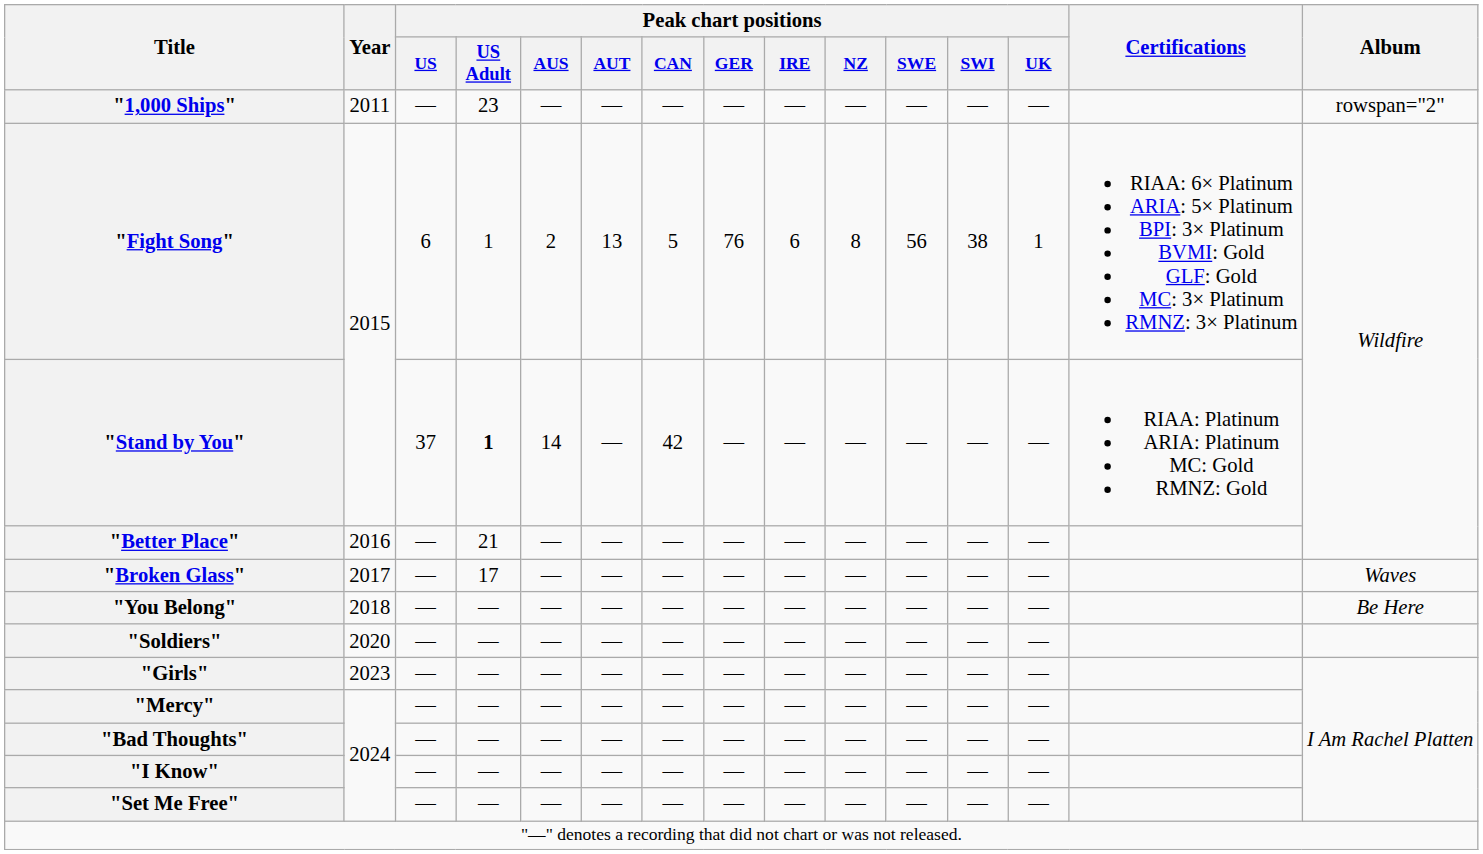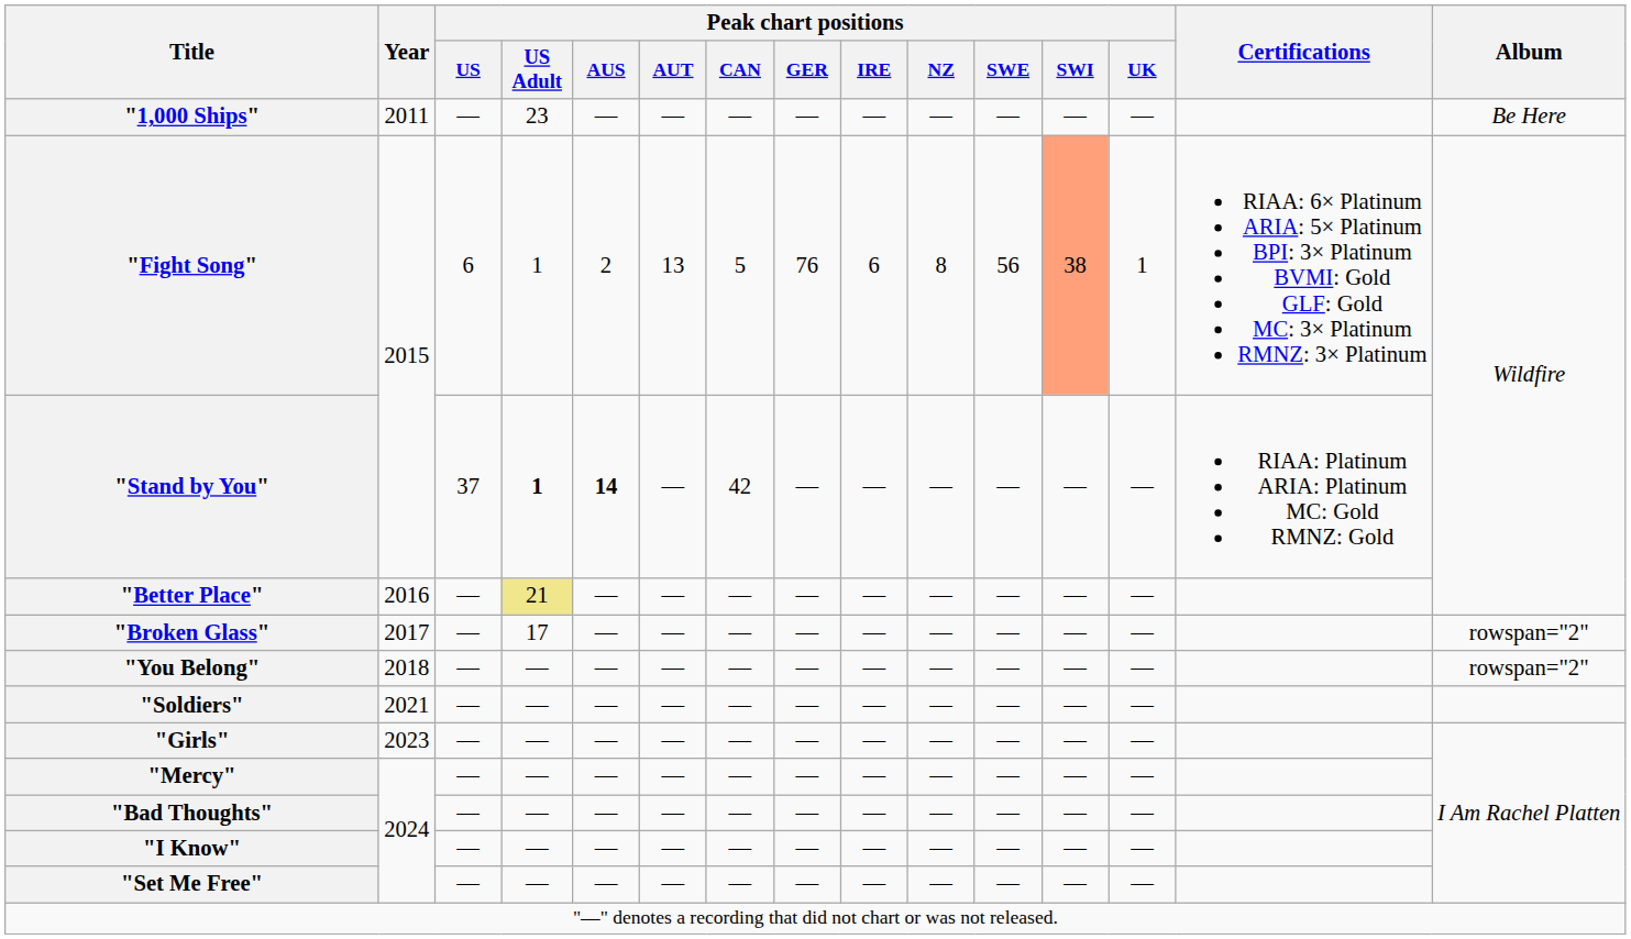 <table class="wikitable plainrowheaders" style="text-align:center;">
 <tr>
 <th scope="col" rowspan="2" style="width:16em;">Title</th>
 <th scope="col" rowspan="2" style="width:1em;">Year</th>
 <th scope="col" colspan="11">Peak chart positions</th>
 <th scope="col" rowspan="2"><a href='#'>Certifications</a></th>
 <th scope="col" rowspan="2">Album</th>
 </tr>
 <tr>
 <th scope="col" style="width:3em;font-size:85%;"><a href='#'>US</a><br></th>
 <th scope="col" style="width:3em;font-size:90%;"><a href='#'>US<br>Adult</a><br></th>
 <th scope="col" style="width:3em;font-size:85%;"><a href='#'>AUS</a><br></th>
 <th scope="col" style="width:3em;font-size:85%;"><a href='#'>AUT</a><br></th>
 <th scope="col" style="width:3em;font-size:85%;"><a href='#'>CAN</a><br></th>
 <th scope="col" style="width:3em;font-size:85%;"><a href='#'>GER</a><br></th>
 <th scope="col" style="width:3em;font-size:85%;"><a href='#'>IRE</a><br></th>
 <th scope="col" style="width:3em;font-size:85%;"><a href='#'>NZ</a><br></th>
 <th scope="col" style="width:3em;font-size:85%;"><a href='#'>SWE</a><br></th>
 <th scope="col" style="width:3em;font-size:85%;"><a href='#'>SWI</a><br></th>
 <th scope="col" style="width:3em;font-size:85%;"><a href='#'>UK</a><br></th>
 </tr>
 <tr>
 <th scope="row">"<a href='#'>1,000 Ships</a>"</th>
 <td>2011</td>
 <td>—</td>
 <td>23</td>
 <td>—</td>
 <td>—</td>
 <td>—</td>
 <td>—</td>
 <td>—</td>
 <td>—</td>
 <td>—</td>
 <td>—</td>
 <td>—</td>
 <td></td>
-<td>rowspan="2" </td>
+<td><em>Be Here</em></td>
 </tr>
 <tr>
 <th scope="row">"<a href='#'>Fight Song</a>"</th>
 <td rowspan="2">2015</td>
 <td>6</td>
 <td>1</td>
 <td>2</td>
 <td>13</td>
 <td>5</td>
 <td>76</td>
 <td>6</td>
 <td>8</td>
 <td>56</td>
-<td>38</td>
+<td style="background: lightsalmon;">38</td>
 <td>1</td>
 <td><br><ul><li>RIAA: 6× Platinum</li><li><a href='#'>ARIA</a>: 5× Platinum</li><li><a href='#'>BPI</a>: 3× Platinum</li><li><a href='#'>BVMI</a>: Gold</li><li><a href='#'>GLF</a>: Gold</li><li><a href='#'>MC</a>: 3× Platinum</li><li><a href='#'>RMNZ</a>: 3× Platinum</li></ul></td>
 <td rowspan="3"><em>Wildfire</em></td>
 </tr>
 <tr>
 <th scope="row">"<a href='#'>Stand by You</a>"</th>
 <td>37</td>
 <td><strong>1</strong></td>
-<td>14</td>
+<td><strong>14</strong></td>
 <td>—</td>
 <td>42</td>
 <td>—</td>
 <td>—</td>
 <td>—</td>
 <td>—</td>
 <td>—</td>
 <td>—</td>
 <td><br><ul><li>RIAA: Platinum</li><li>ARIA: Platinum</li><li>MC: Gold</li><li>RMNZ: Gold</li></ul></td>
 </tr>
 <tr>
 <th scope="row">"<a href='#'>Better Place</a>"</th>
 <td>2016</td>
 <td>—</td>
-<td>21</td>
+<td style="background: khaki;">21</td>
 <td>—</td>
 <td>—</td>
 <td>—</td>
 <td>—</td>
 <td>—</td>
 <td>—</td>
 <td>—</td>
 <td>—</td>
 <td>—</td>
 <td></td>
 </tr>
 <tr>
 <th scope="row">"<a href='#'>Broken Glass</a>"</th>
 <td>2017</td>
 <td>—</td>
 <td>17</td>
 <td>—</td>
 <td>—</td>
 <td>—</td>
 <td>—</td>
 <td>—</td>
 <td>—</td>
 <td>—</td>
 <td>—</td>
 <td>—</td>
 <td></td>
-<td><em>Waves</em></td>
+<td>rowspan="2" </td>
 </tr>
 <tr>
 <th scope="row">"You Belong"</th>
 <td>2018</td>
 <td>—</td>
 <td>—</td>
 <td>—</td>
 <td>—</td>
 <td>—</td>
 <td>—</td>
 <td>—</td>
 <td>—</td>
 <td>—</td>
 <td>—</td>
 <td>—</td>
 <td></td>
-<td><em>Be Here</em></td>
+<td>rowspan="2" </td>
 </tr>
 <tr>
 <th scope="row">"Soldiers"</th>
-<td>2020</td>
+<td>2021</td>
 <td>—</td>
 <td>—</td>
 <td>—</td>
 <td>—</td>
 <td>—</td>
 <td>—</td>
 <td>—</td>
 <td>—</td>
 <td>—</td>
 <td>—</td>
 <td>—</td>
 <td></td>
 </tr>
 <tr>
 <th scope="row">"Girls"</th>
 <td>2023</td>
 <td>—</td>
 <td>—</td>
 <td>—</td>
 <td>—</td>
 <td>—</td>
 <td>—</td>
 <td>—</td>
 <td>—</td>
 <td>—</td>
 <td>—</td>
 <td>—</td>
 <td></td>
 <td rowspan="5"><em>I Am Rachel Platten</em></td>
 </tr>
 <tr>
 <th scope="row">"Mercy"</th>
 <td rowspan="4">2024</td>
 <td>—</td>
 <td>—</td>
 <td>—</td>
 <td>—</td>
 <td>—</td>
 <td>—</td>
 <td>—</td>
 <td>—</td>
 <td>—</td>
 <td>—</td>
 <td>—</td>
 <td></td>
 </tr>
 <tr>
 <th scope="row">"Bad Thoughts"</th>
 <td>—</td>
 <td>—</td>
 <td>—</td>
 <td>—</td>
 <td>—</td>
 <td>—</td>
 <td>—</td>
 <td>—</td>
 <td>—</td>
 <td>—</td>
 <td>—</td>
 <td></td>
 </tr>
 <tr>
 <th scope="row">"I Know"</th>
 <td>—</td>
 <td>—</td>
 <td>—</td>
 <td>—</td>
 <td>—</td>
 <td>—</td>
 <td>—</td>
 <td>—</td>
 <td>—</td>
 <td>—</td>
 <td>—</td>
 <td></td>
 </tr>
 <tr>
 <th scope="row">"Set Me Free"</th>
 <td>—</td>
 <td>—</td>
 <td>—</td>
 <td>—</td>
 <td>—</td>
 <td>—</td>
 <td>—</td>
 <td>—</td>
 <td>—</td>
 <td>—</td>
 <td>—</td>
 <td></td>
 </tr>
 <tr>
 <td colspan="20" style="font-size:85%">"—" denotes a recording that did not chart or was not released.</td>
 </tr>
 </table>
